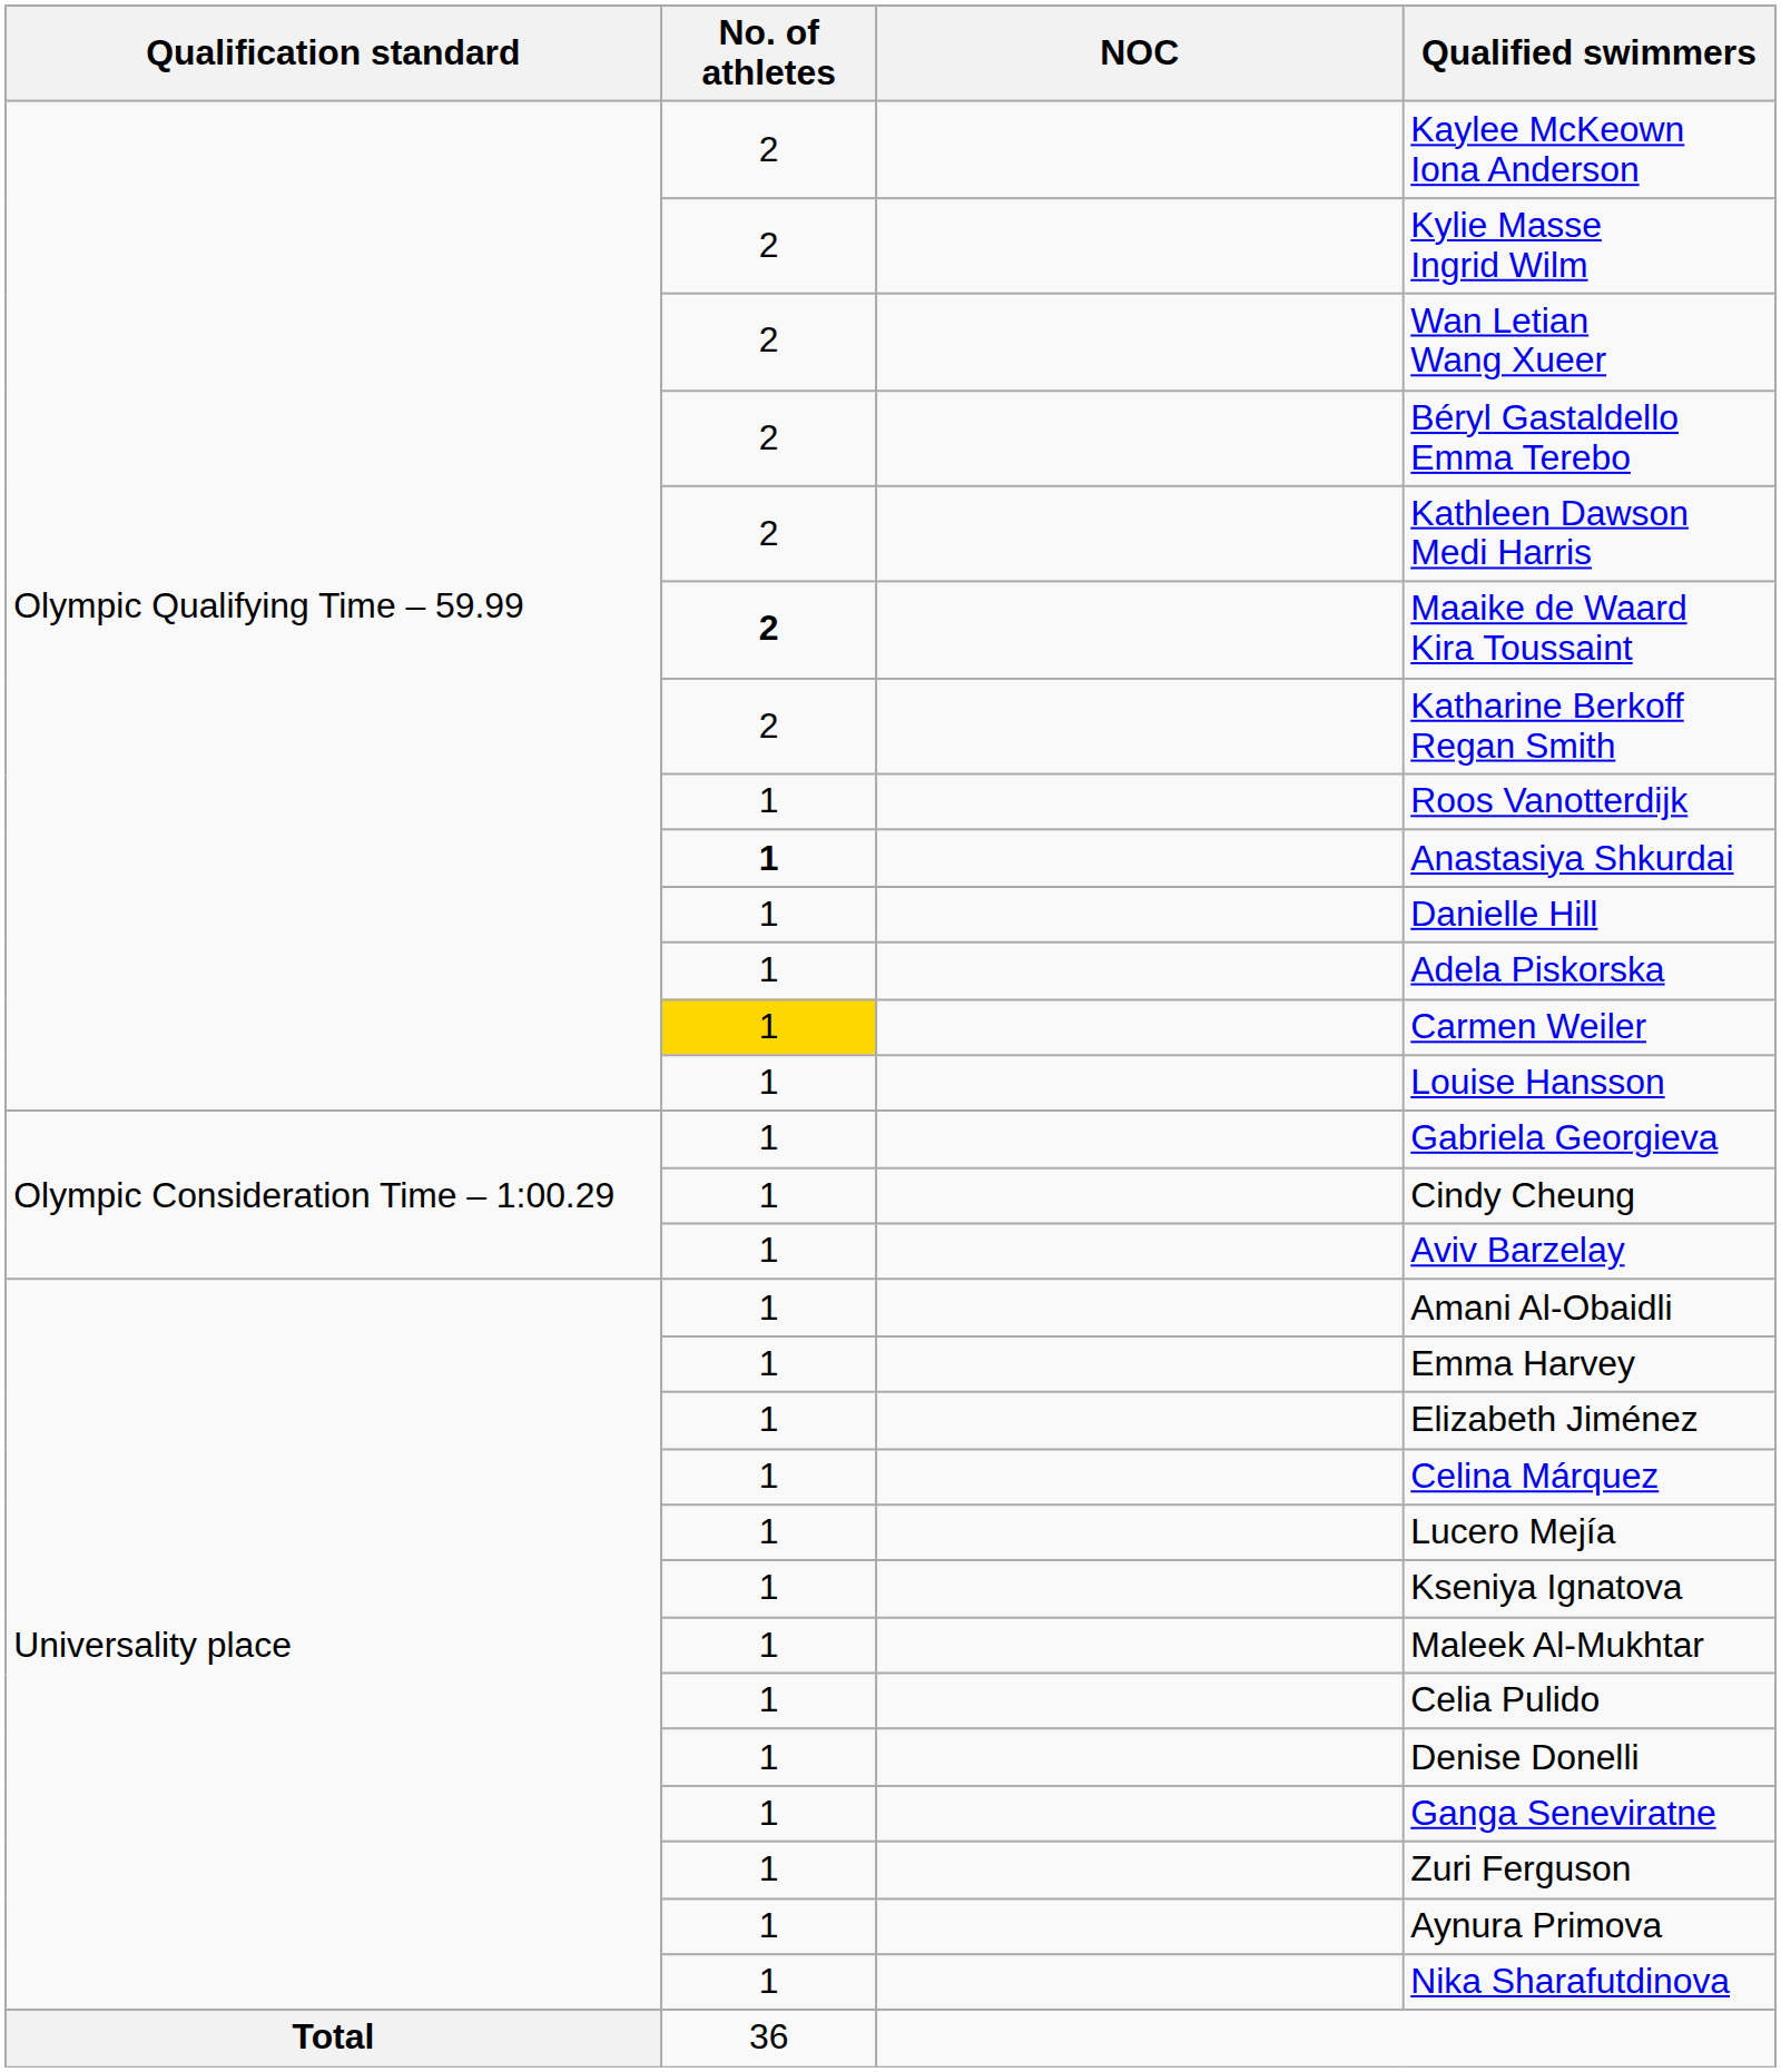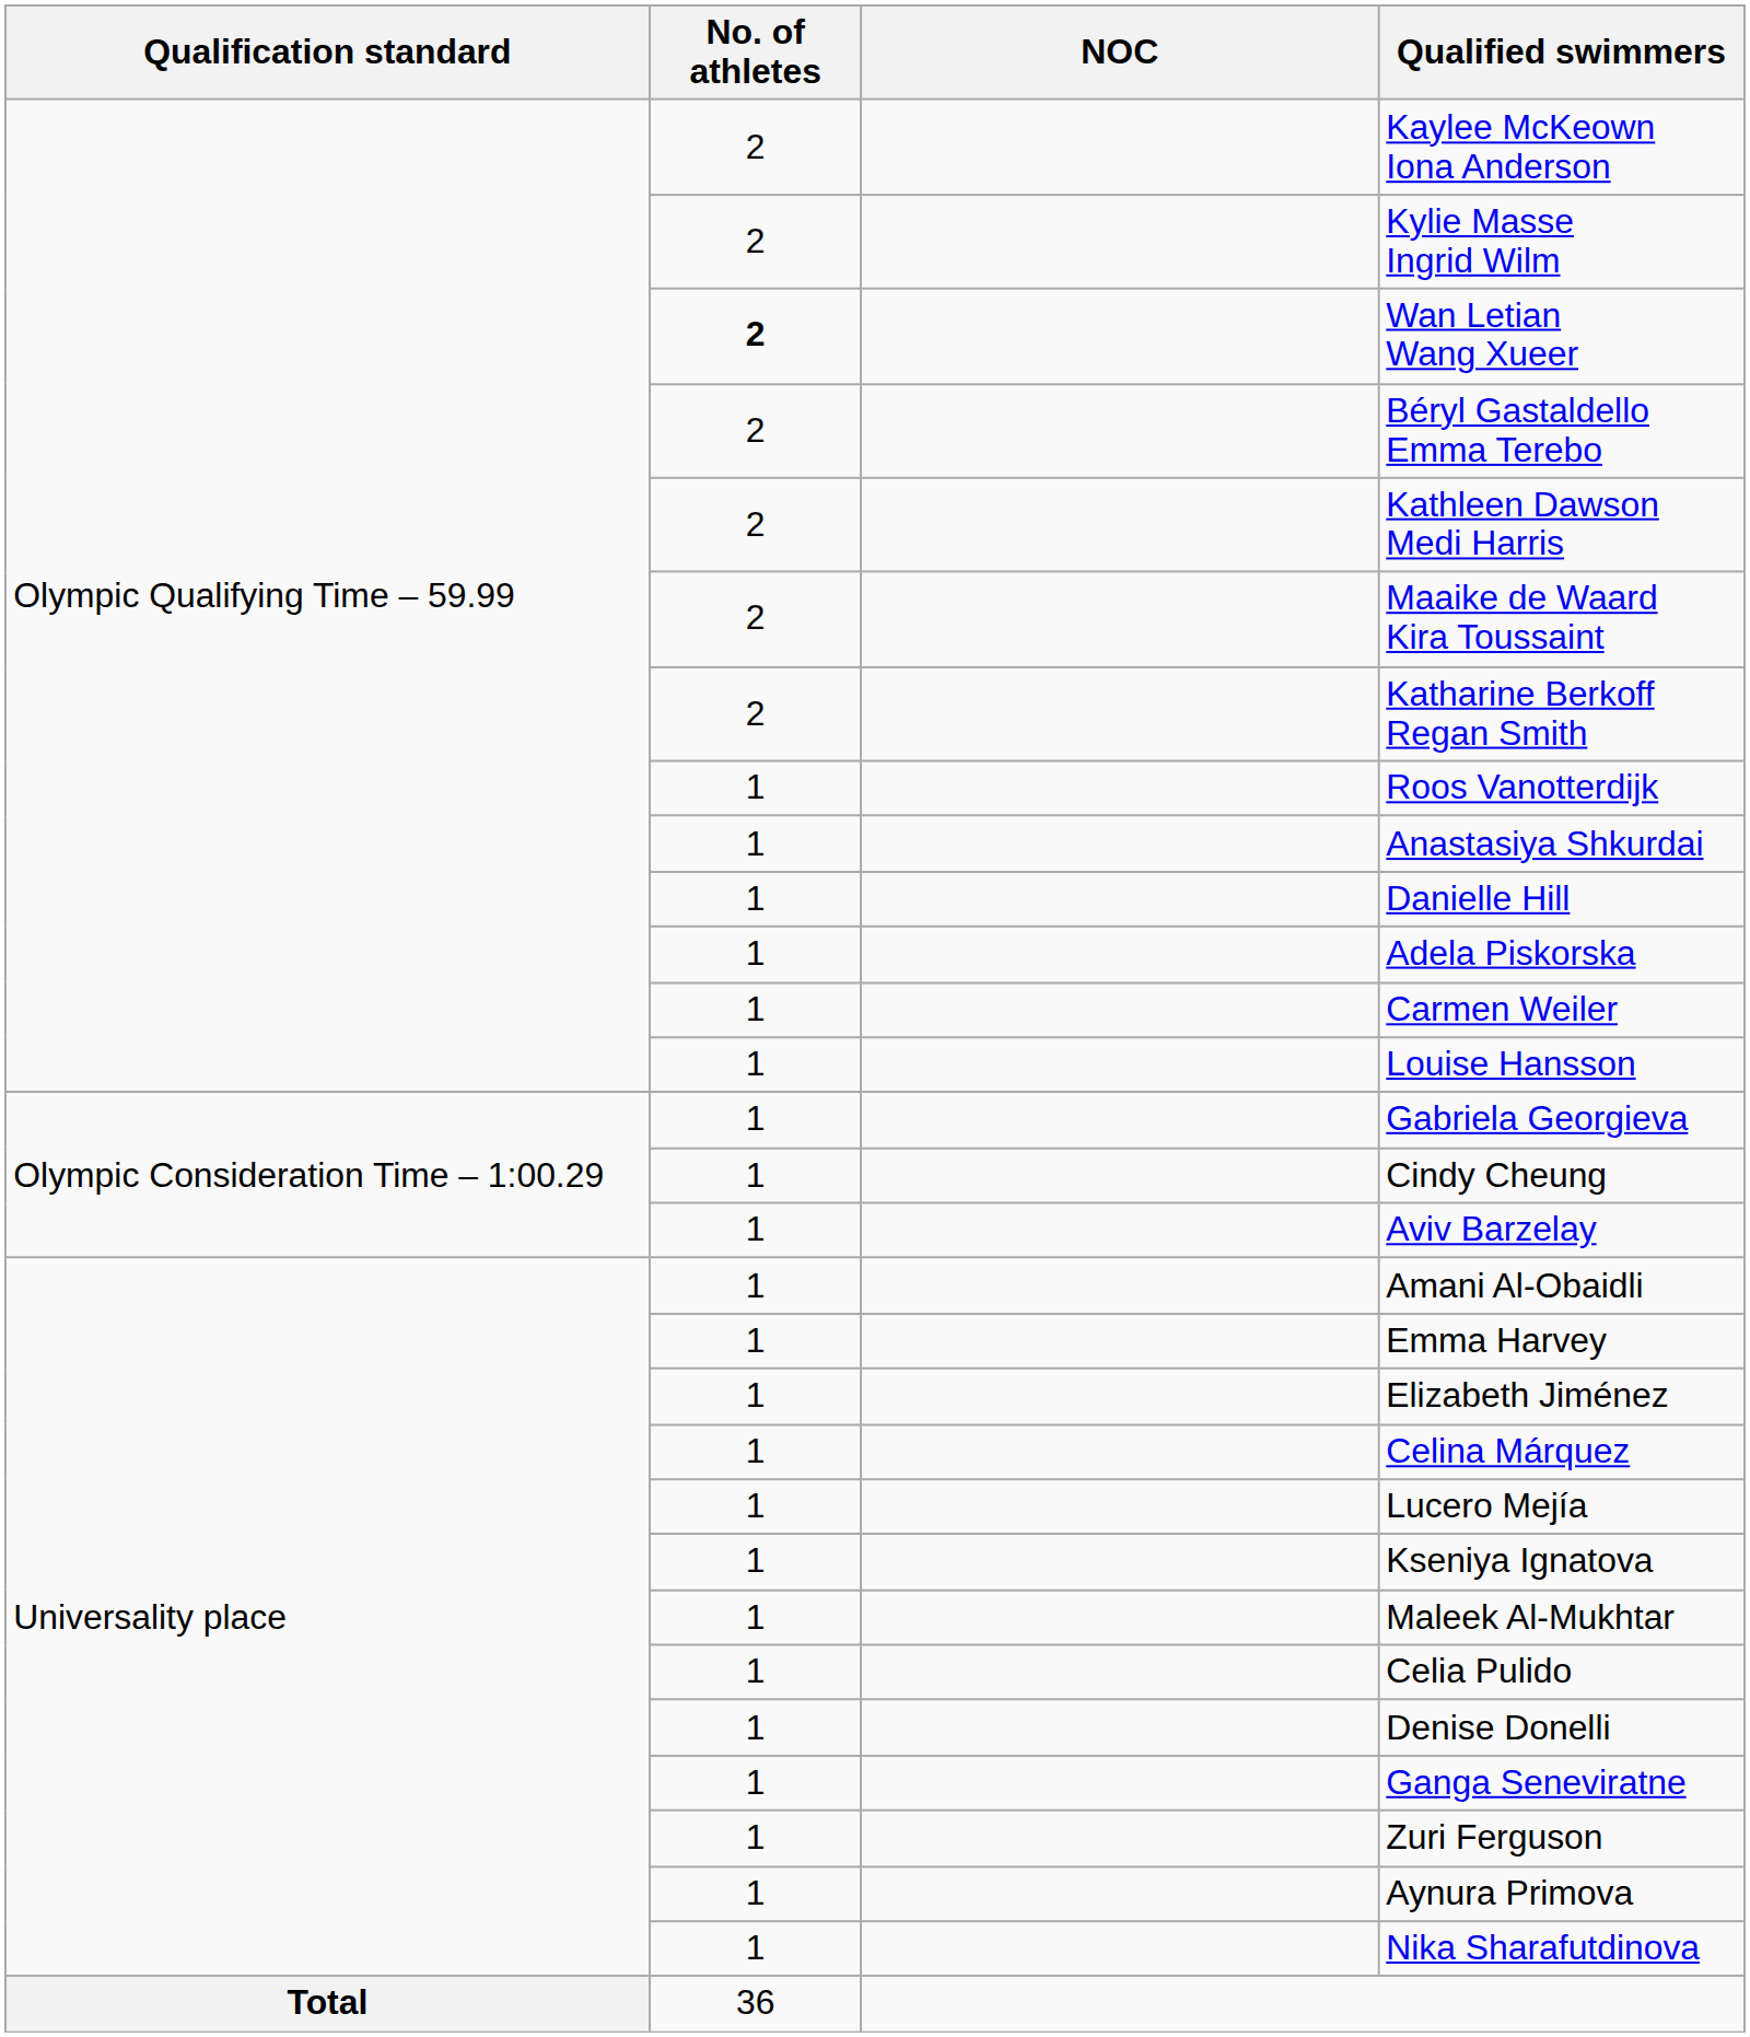 <table class=wikitable style="text-align:left" width=800>
 <tr>
 <th scope="col">Qualification standard</th>
 <th scope="col" width =90>No. of athletes</th>
 <th scope="col" width =230>NOC</th>
 <th scope="col">Qualified swimmers</th>
 </tr>
 <tr>
 <td rowspan=13>Olympic Qualifying Time – 59.99</td>
 <td align=center>2</td>
 <td></td>
 <td><a href='#'>Kaylee McKeown</a><br><a href='#'>Iona Anderson</a></td>
 </tr>
 <tr>
 <td align=center>2</td>
 <td></td>
 <td><a href='#'>Kylie Masse</a><br><a href='#'>Ingrid Wilm</a></td>
 </tr>
 <tr>
-<td align=center>2</td>
+<td align=center><strong>2</strong></td>
 <td></td>
 <td><a href='#'>Wan Letian</a><br><a href='#'>Wang Xueer</a></td>
 </tr>
 <tr>
 <td align=center>2</td>
 <td></td>
 <td><a href='#'>Béryl Gastaldello</a><br><a href='#'>Emma Terebo</a></td>
 </tr>
 <tr>
 <td align=center>2</td>
 <td></td>
 <td><a href='#'>Kathleen Dawson</a><br><a href='#'>Medi Harris</a></td>
 </tr>
 <tr>
-<td align=center><strong>2</strong></td>
+<td align=center>2</td>
 <td></td>
 <td><a href='#'>Maaike de Waard</a><br><a href='#'>Kira Toussaint</a></td>
 </tr>
 <tr>
 <td align=center>2</td>
 <td></td>
 <td><a href='#'>Katharine Berkoff</a><br><a href='#'>Regan Smith</a></td>
 </tr>
 <tr>
 <td align=center>1</td>
 <td></td>
 <td><a href='#'>Roos Vanotterdijk</a></td>
 </tr>
 <tr>
-<td align=center><strong>1</strong></td>
+<td align=center>1</td>
 <td></td>
 <td><a href='#'>Anastasiya Shkurdai</a></td>
 </tr>
 <tr>
 <td align=center>1</td>
 <td></td>
 <td><a href='#'>Danielle Hill</a></td>
 </tr>
 <tr>
 <td align=center>1</td>
 <td></td>
 <td><a href='#'>Adela Piskorska</a></td>
 </tr>
 <tr>
-<td align=center style="background: gold;">1</td>
+<td align=center>1</td>
 <td></td>
 <td><a href='#'>Carmen Weiler</a></td>
 </tr>
 <tr>
 <td align=center>1</td>
 <td></td>
 <td><a href='#'>Louise Hansson</a></td>
 </tr>
 <tr>
 <td rowspan=3>Olympic Consideration Time – 1:00.29</td>
 <td align=center>1</td>
 <td></td>
 <td><a href='#'>Gabriela Georgieva</a></td>
 </tr>
 <tr>
 <td align=center>1</td>
 <td></td>
 <td>Cindy Cheung</td>
 </tr>
 <tr>
 <td align=center>1</td>
 <td></td>
 <td><a href='#'>Aviv Barzelay</a></td>
 </tr>
 <tr>
 <td rowspan=13>Universality place</td>
 <td align=center>1</td>
 <td></td>
 <td>Amani Al-Obaidli</td>
 </tr>
 <tr>
 <td align=center>1</td>
 <td></td>
 <td>Emma Harvey</td>
 </tr>
 <tr>
 <td align=center>1</td>
 <td></td>
 <td>Elizabeth Jiménez</td>
 </tr>
 <tr>
 <td align=center>1</td>
 <td></td>
 <td><a href='#'>Celina Márquez</a></td>
 </tr>
 <tr>
 <td align=center>1</td>
 <td></td>
 <td>Lucero Mejía</td>
 </tr>
 <tr>
 <td align=center>1</td>
 <td></td>
 <td>Kseniya Ignatova</td>
 </tr>
 <tr>
 <td align=center>1</td>
 <td></td>
 <td>Maleek Al-Mukhtar</td>
 </tr>
 <tr>
 <td align=center>1</td>
 <td></td>
 <td>Celia Pulido</td>
 </tr>
 <tr>
 <td align=center>1</td>
 <td></td>
 <td>Denise Donelli</td>
 </tr>
 <tr>
 <td align=center>1</td>
 <td></td>
 <td><a href='#'>Ganga Seneviratne</a></td>
 </tr>
 <tr>
 <td align=center>1</td>
 <td></td>
 <td>Zuri Ferguson</td>
 </tr>
 <tr>
 <td align=center>1</td>
 <td></td>
 <td>Aynura Primova</td>
 </tr>
 <tr>
 <td align=center>1</td>
 <td></td>
 <td><a href='#'>Nika Sharafutdinova</a></td>
 </tr>
 <tr>
 <th scope="row">Total</th>
 <td align=center>36</td>
 <td colspan=2></td>
 </tr>
 </table>
